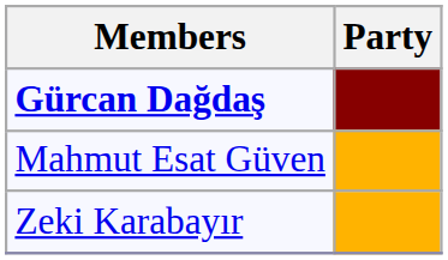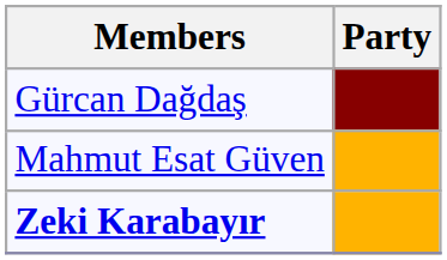 <table class=wikitable style="border:1px solid #8888aa; background-color:#f7f8ff; padding:0px; font-size:90%;">
 <tr>
 <th>Members</th>
 <th colspan="2">Party</th>
 </tr>
 <tr>
-<td><strong><a href='#'>Gürcan Dağdaş</a></strong></td>
+<td><a href='#'>Gürcan Dağdaş</a></td>
 <td style="background: #870000"></td>
 </tr>
 <tr>
 <td><a href='#'>Mahmut Esat Güven</a></td>
 <td style="background: #ffb300"></td>
 </tr>
 <tr>
-<td><a href='#'>Zeki Karabayır</a></td>
+<td><strong><a href='#'>Zeki Karabayır</a></strong></td>
 <td style="background: #ffb300"></td>
 </tr>
 <tr>
 </tr>
 </table>
